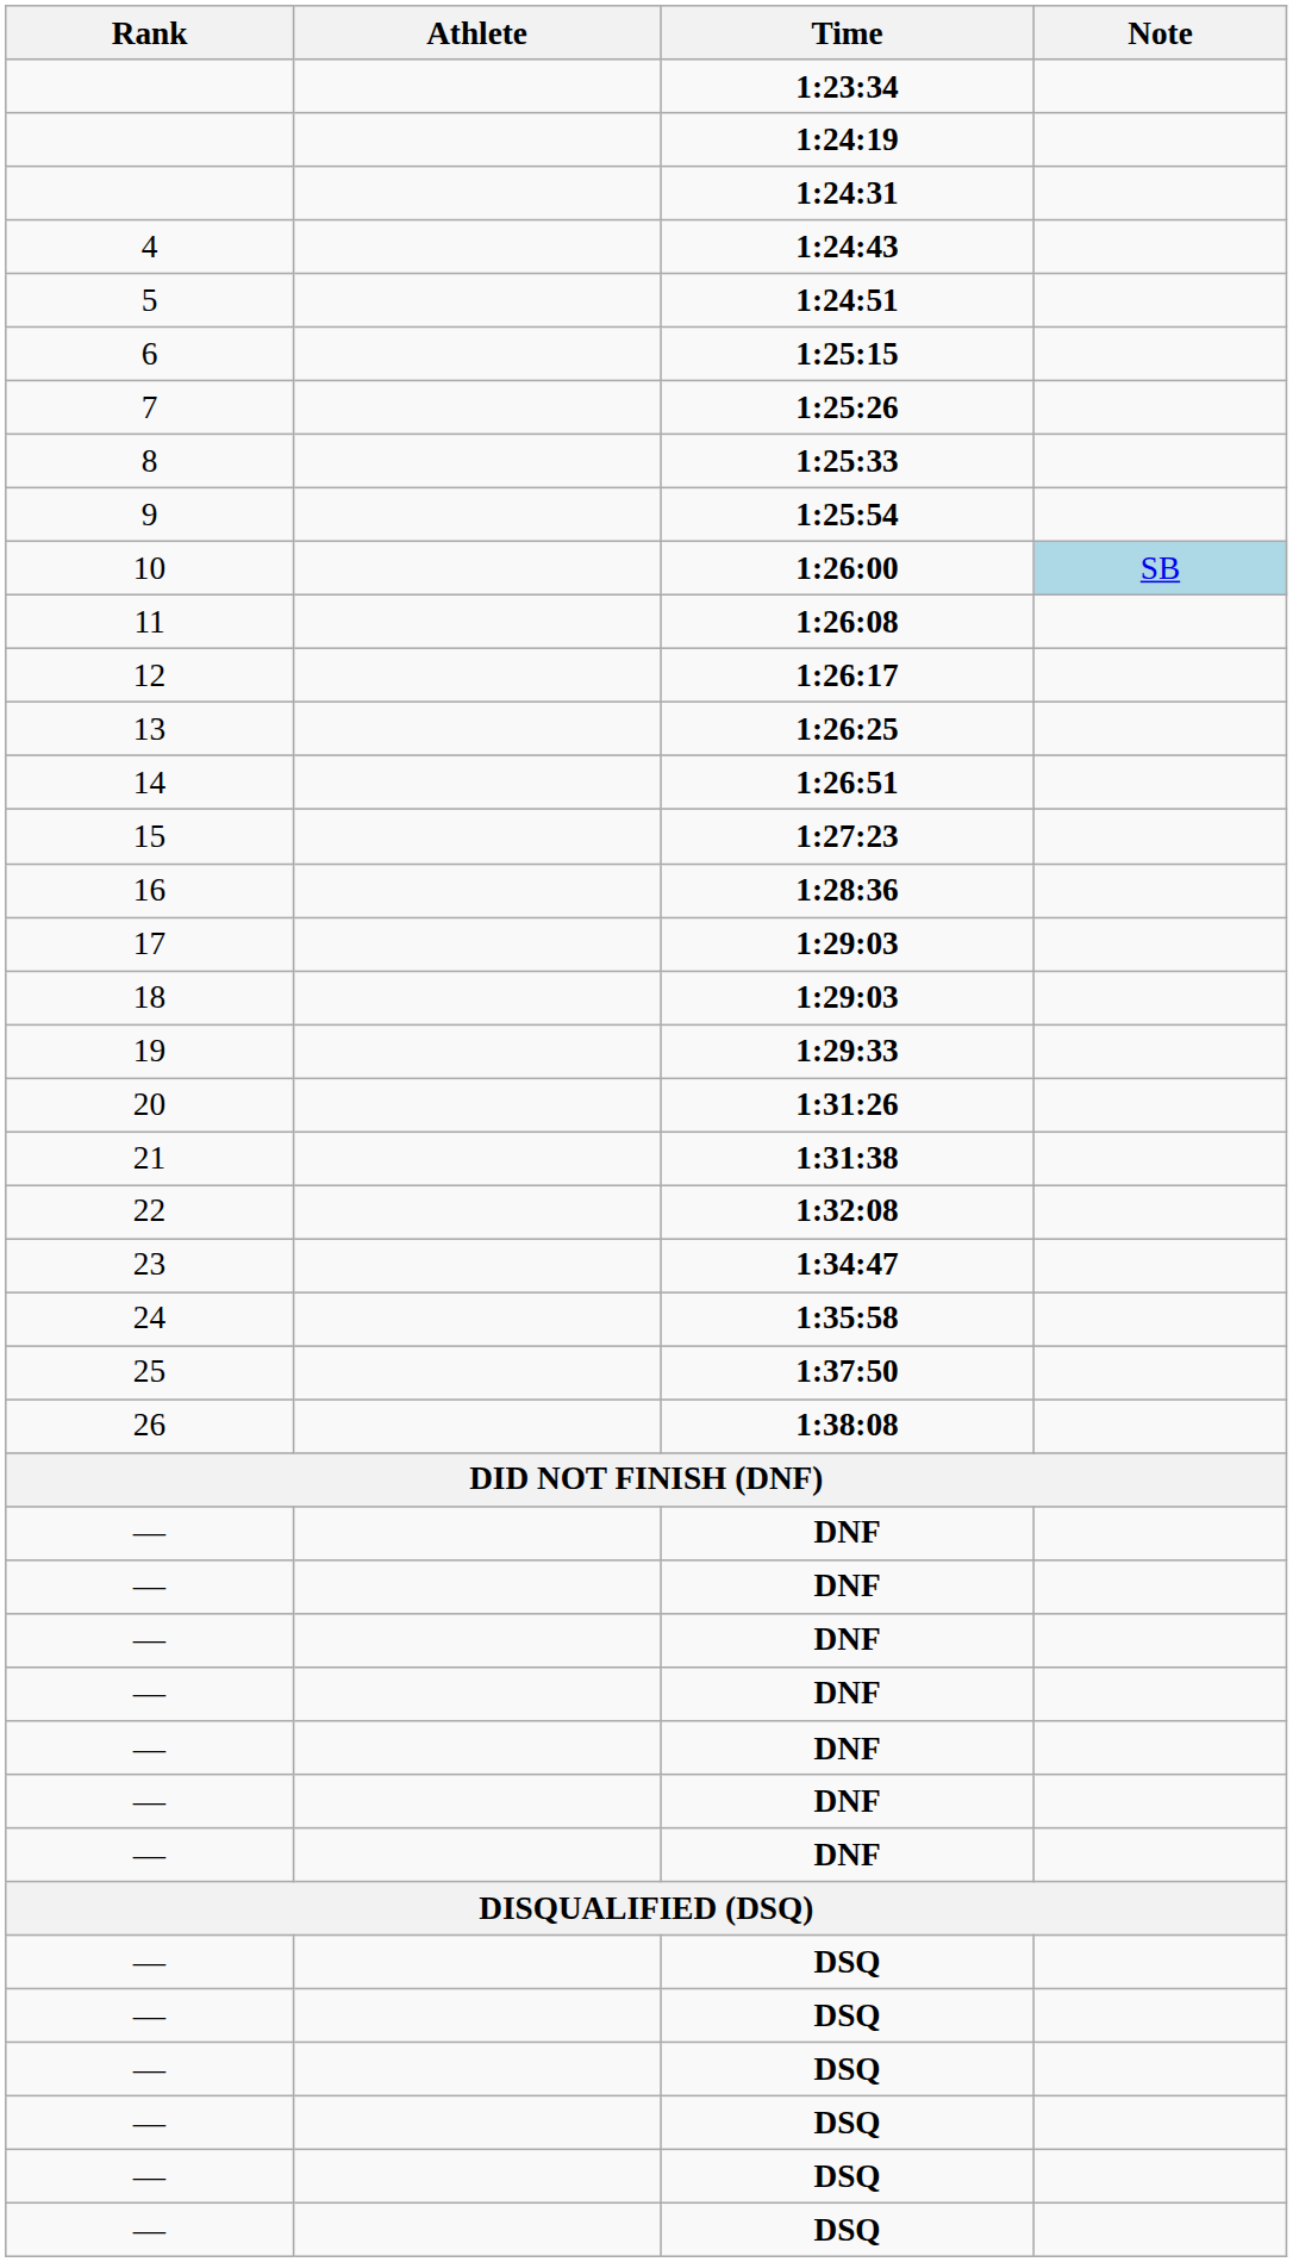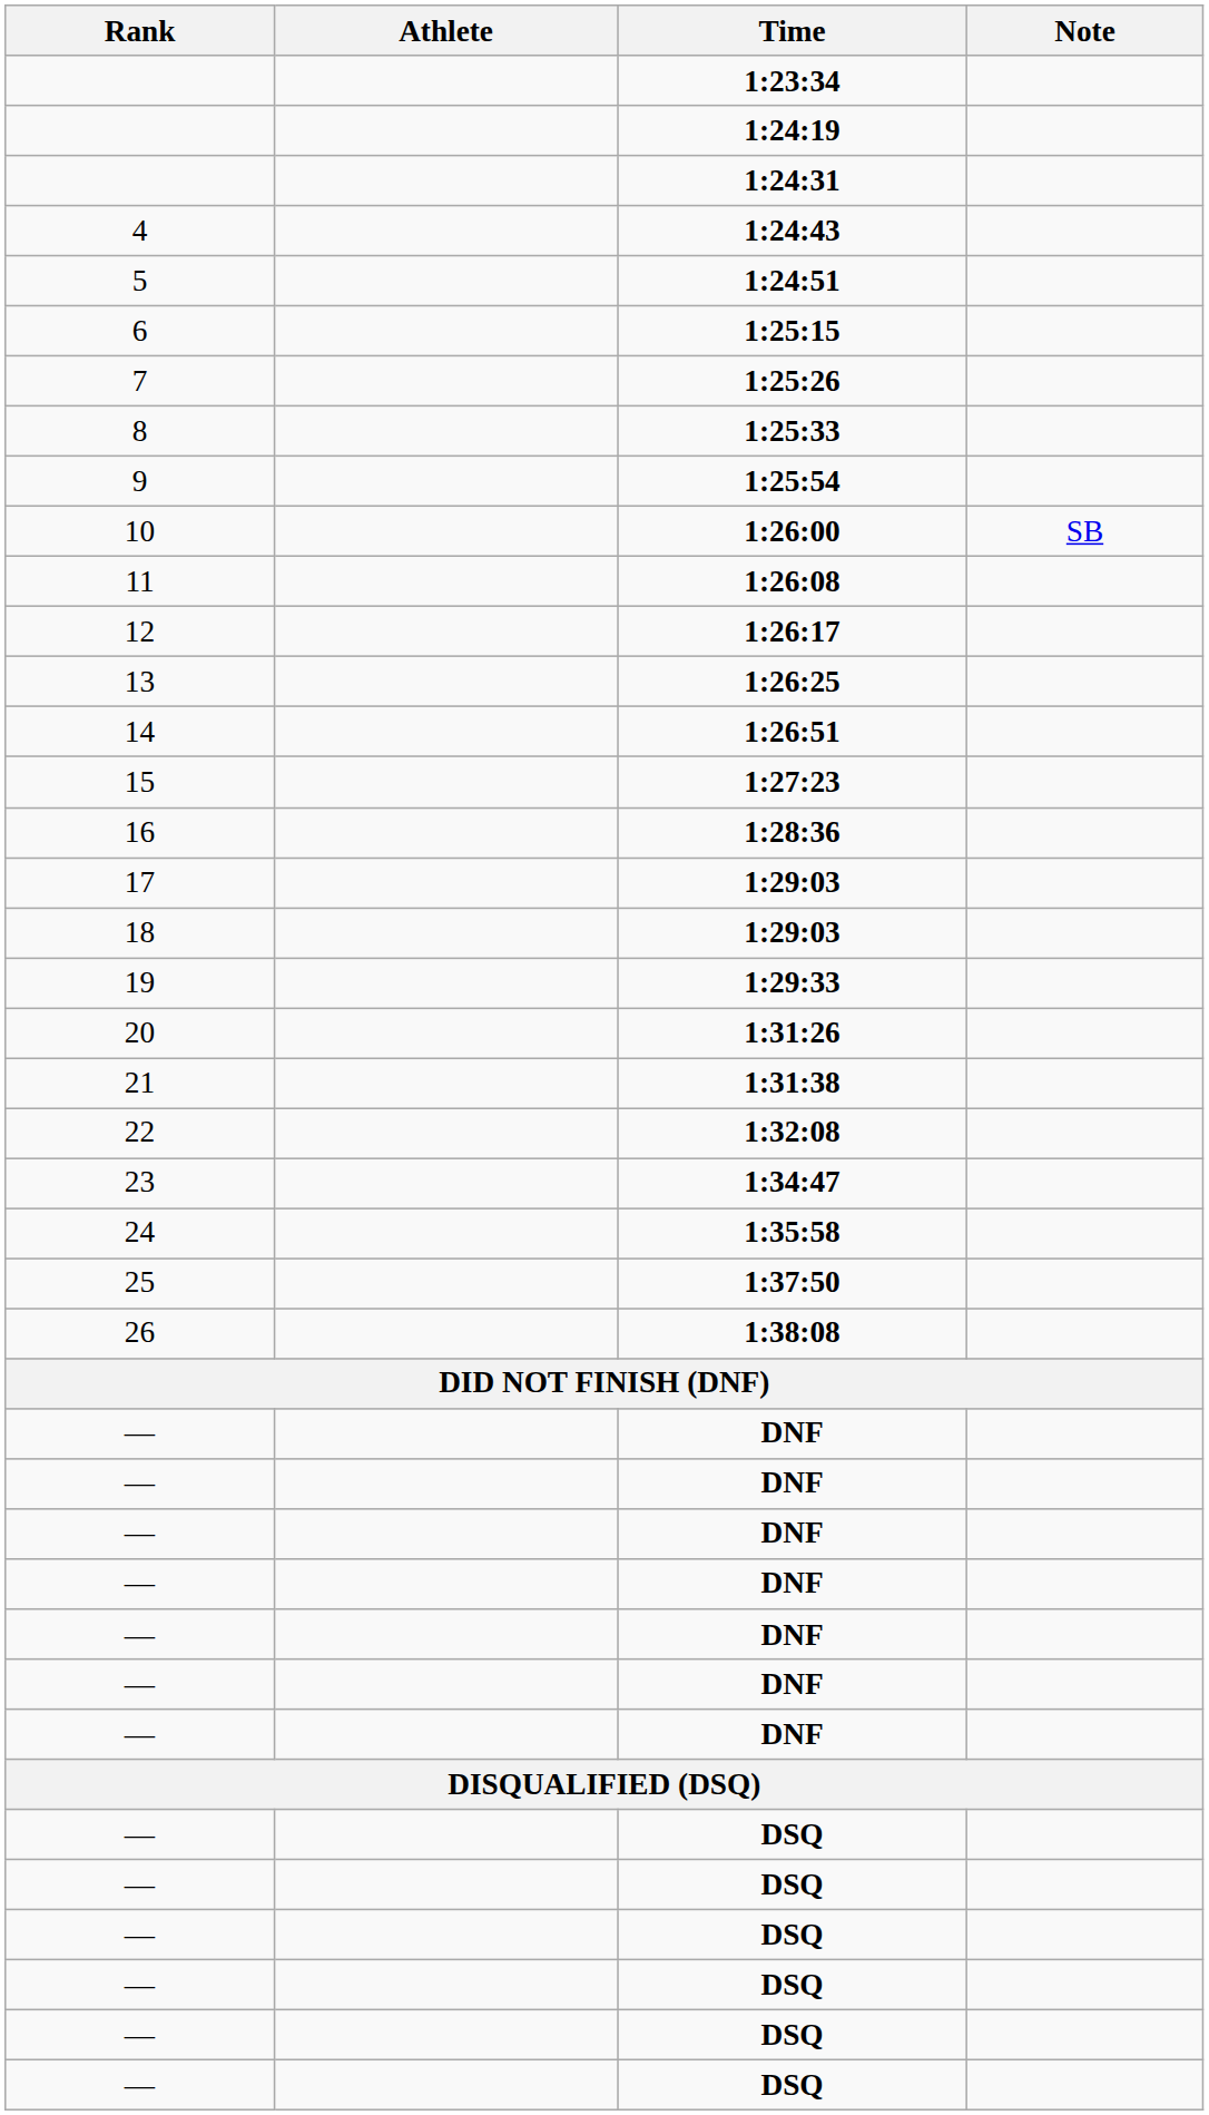 <table class="wikitable" style=" text-align:center; font-size:110%;" width="55%">
 <tr>
 <th>Rank</th>
 <th>Athlete</th>
 <th>Time</th>
 <th>Note</th>
 </tr>
 <tr>
 <td></td>
 <td align=left></td>
 <td><strong>1:23:34</strong></td>
 <td></td>
 </tr>
 <tr>
 <td></td>
 <td align=left></td>
 <td><strong>1:24:19</strong></td>
 <td></td>
 </tr>
 <tr>
 <td></td>
 <td align=left></td>
 <td><strong>1:24:31</strong></td>
 <td></td>
 </tr>
 <tr>
 <td>4</td>
 <td align=left></td>
 <td><strong>1:24:43</strong></td>
 <td></td>
 </tr>
 <tr>
 <td>5</td>
 <td align=left></td>
 <td><strong>1:24:51</strong></td>
 <td></td>
 </tr>
 <tr>
 <td>6</td>
 <td align=left></td>
 <td><strong>1:25:15</strong></td>
 <td></td>
 </tr>
 <tr>
 <td>7</td>
 <td align=left></td>
 <td><strong>1:25:26</strong></td>
 <td></td>
 </tr>
 <tr>
 <td>8</td>
 <td align=left></td>
 <td><strong>1:25:33</strong></td>
 <td></td>
 </tr>
 <tr>
 <td>9</td>
 <td align=left></td>
 <td><strong>1:25:54</strong></td>
 <td></td>
 </tr>
 <tr>
 <td>10</td>
 <td align=left></td>
 <td><strong>1:26:00</strong></td>
-<td style="background: lightblue;"><a href='#'>SB</a></td>
+<td><a href='#'>SB</a></td>
 </tr>
 <tr>
 <td>11</td>
 <td align=left></td>
 <td><strong>1:26:08</strong></td>
 <td></td>
 </tr>
 <tr>
 <td>12</td>
 <td align=left></td>
 <td><strong>1:26:17</strong></td>
 <td></td>
 </tr>
 <tr>
 <td>13</td>
 <td align=left></td>
 <td><strong>1:26:25</strong></td>
 <td></td>
 </tr>
 <tr>
 <td>14</td>
 <td align=left></td>
 <td><strong>1:26:51</strong></td>
 <td></td>
 </tr>
 <tr>
 <td>15</td>
 <td align=left></td>
 <td><strong>1:27:23</strong></td>
 <td></td>
 </tr>
 <tr>
 <td>16</td>
 <td align=left></td>
 <td><strong>1:28:36</strong></td>
 <td></td>
 </tr>
 <tr>
 <td>17</td>
 <td align=left></td>
 <td><strong>1:29:03</strong></td>
 <td></td>
 </tr>
 <tr>
 <td>18</td>
 <td align=left></td>
 <td><strong>1:29:03</strong></td>
 <td></td>
 </tr>
 <tr>
 <td>19</td>
 <td align=left></td>
 <td><strong>1:29:33</strong></td>
 <td></td>
 </tr>
 <tr>
 <td>20</td>
 <td align=left></td>
 <td><strong>1:31:26</strong></td>
 <td></td>
 </tr>
 <tr>
 <td>21</td>
 <td align=left></td>
 <td><strong>1:31:38</strong></td>
 <td></td>
 </tr>
 <tr>
 <td>22</td>
 <td align=left></td>
 <td><strong>1:32:08</strong></td>
 <td></td>
 </tr>
 <tr>
 <td>23</td>
 <td align=left></td>
 <td><strong>1:34:47</strong></td>
 <td></td>
 </tr>
 <tr>
 <td>24</td>
 <td align=left></td>
 <td><strong>1:35:58</strong></td>
 <td></td>
 </tr>
 <tr>
 <td>25</td>
 <td align=left></td>
 <td><strong>1:37:50</strong></td>
 <td></td>
 </tr>
 <tr>
 <td>26</td>
 <td align=left></td>
 <td><strong>1:38:08</strong></td>
 <td></td>
 </tr>
 <tr>
 <th colspan="4">DID NOT FINISH (DNF)</th>
 </tr>
 <tr>
 <td>—</td>
 <td align=left></td>
 <td><strong>DNF</strong></td>
 <td></td>
 </tr>
 <tr>
 <td>—</td>
 <td align=left></td>
 <td><strong>DNF</strong></td>
 <td></td>
 </tr>
 <tr>
 <td>—</td>
 <td align=left></td>
 <td><strong>DNF</strong></td>
 <td></td>
 </tr>
 <tr>
 <td>—</td>
 <td align=left></td>
 <td><strong>DNF</strong></td>
 <td></td>
 </tr>
 <tr>
 <td>—</td>
 <td align=left></td>
 <td><strong>DNF</strong></td>
 <td></td>
 </tr>
 <tr>
 <td>—</td>
 <td align=left></td>
 <td><strong>DNF</strong></td>
 <td></td>
 </tr>
 <tr>
 <td>—</td>
 <td align=left></td>
 <td><strong>DNF</strong></td>
 <td></td>
 </tr>
 <tr>
 <th colspan="4">DISQUALIFIED (DSQ)</th>
 </tr>
 <tr>
 <td>—</td>
 <td align=left></td>
 <td><strong>DSQ</strong></td>
 <td></td>
 </tr>
 <tr>
 <td>—</td>
 <td align=left></td>
 <td><strong>DSQ</strong></td>
 <td></td>
 </tr>
 <tr>
 <td>—</td>
 <td align=left></td>
 <td><strong>DSQ</strong></td>
 <td></td>
 </tr>
 <tr>
 <td>—</td>
 <td align=left></td>
 <td><strong>DSQ</strong></td>
 <td></td>
 </tr>
 <tr>
 <td>—</td>
 <td align=left></td>
 <td><strong>DSQ</strong></td>
 <td></td>
 </tr>
 <tr>
 <td>—</td>
 <td align=left></td>
 <td><strong>DSQ</strong></td>
 <td></td>
 </tr>
 </table>
